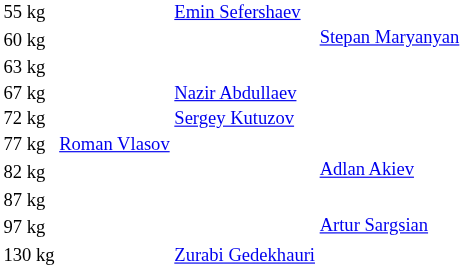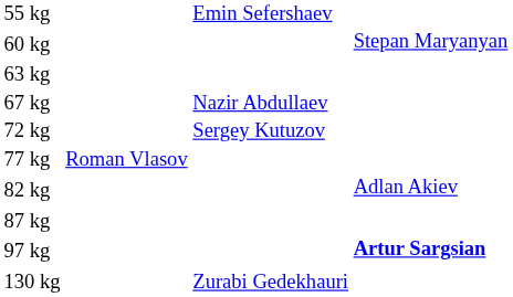 <table>
 <tr>
 <td rowspan=2>55 kg<br></td>
 <td rowspan=2></td>
 <td rowspan=2><a href='#'>Emin Sefershaev</a><br></td>
 <td></td>
 </tr>
 <tr>
 <td></td>
 </tr>
 <tr>
 <td rowspan=2>60 kg<br></td>
 <td rowspan=2></td>
 <td rowspan=2></td>
 <td><a href='#'>Stepan Maryanyan</a><br></td>
 </tr>
 <tr>
 <td></td>
 </tr>
 <tr>
 <td rowspan=2>63 kg<br></td>
 <td rowspan=2></td>
 <td rowspan=2></td>
 <td></td>
 </tr>
 <tr>
 <td></td>
 </tr>
 <tr>
 <td rowspan=2>67 kg<br></td>
 <td rowspan=2></td>
 <td rowspan=2><a href='#'>Nazir Abdullaev</a><br></td>
 <td></td>
 </tr>
 <tr>
 <td></td>
 </tr>
 <tr>
 <td rowspan=2>72 kg<br></td>
 <td rowspan=2></td>
 <td rowspan=2><a href='#'>Sergey Kutuzov</a><br></td>
 <td></td>
 </tr>
 <tr>
 <td></td>
 </tr>
 <tr>
 <td rowspan=2>77 kg<br></td>
 <td rowspan=2><a href='#'>Roman Vlasov</a><br></td>
 <td rowspan=2></td>
 <td></td>
 </tr>
 <tr>
 <td></td>
 </tr>
 <tr>
 <td rowspan=2>82 kg<br></td>
 <td rowspan=2></td>
 <td rowspan=2></td>
 <td><a href='#'>Adlan Akiev</a><br></td>
 </tr>
 <tr>
 <td></td>
 </tr>
 <tr>
 <td rowspan=2>87 kg<br></td>
 <td rowspan=2></td>
 <td rowspan=2></td>
 <td></td>
 </tr>
 <tr>
 <td></td>
 </tr>
 <tr>
 <td rowspan=2>97 kg<br></td>
 <td rowspan=2></td>
 <td rowspan=2></td>
-<td><a href='#'>Artur Sargsian</a><br></td>
+<td><strong><a href='#'>Artur Sargsian</a><br></strong></td>
 </tr>
 <tr>
 <td></td>
 </tr>
 <tr>
 <td rowspan=2>130 kg<br></td>
 <td rowspan=2></td>
 <td rowspan=2><a href='#'>Zurabi Gedekhauri</a><br></td>
 <td></td>
 </tr>
 <tr>
 <td></td>
 </tr>
 </table>
